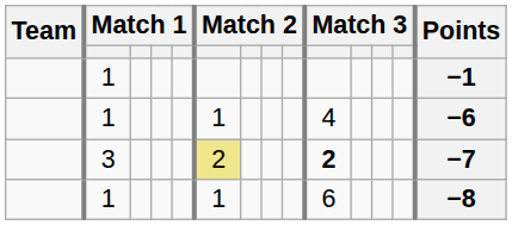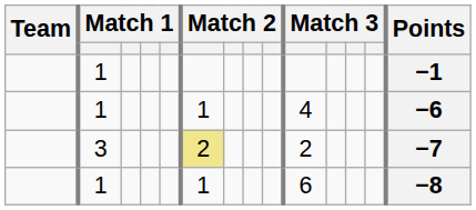 <table class="wikitable sortable" style="text-align:center;">
 <tr>
 <th rowspan=2>Team</th>
 <th colspan=4 style="border-left:3px solid gray">Match 1</th>
 <th colspan=4 style="border-left:3px solid gray">Match 2</th>
 <th colspan=4 style="border-left:3px solid gray">Match 3</th>
 <th rowspan=2 style="border-left:3px solid gray">Points</th>
 </tr>
 <tr>
 <th style="border-left:3px solid gray"></th>
 <th></th>
 <th></th>
 <th></th>
 <th style="border-left:3px solid gray"></th>
 <th></th>
 <th></th>
 <th></th>
 <th style="border-left:3px solid gray"></th>
 <th></th>
 <th></th>
 <th></th>
 </tr>
 <tr>
 <td align=left></td>
 <td style="border-left:3px solid gray">1</td>
 <td></td>
 <td></td>
 <td></td>
 <td style="border-left:3px solid gray"></td>
 <td></td>
 <td></td>
 <td></td>
 <td style="border-left:3px solid gray"></td>
 <td></td>
 <td></td>
 <td></td>
 <th style="border-left:3px solid gray">−1</th>
 </tr>
 <tr>
 <td align=left></td>
 <td style="border-left:3px solid gray">1</td>
 <td></td>
 <td></td>
 <td></td>
 <td style="border-left:3px solid gray">1</td>
 <td></td>
 <td></td>
 <td></td>
 <td style="border-left:3px solid gray">4</td>
 <td></td>
 <td></td>
 <td></td>
 <th style="border-left:3px solid gray">−6</th>
 </tr>
 <tr>
 <td align=left></td>
 <td style="border-left:3px solid gray">3</td>
 <td></td>
 <td></td>
 <td></td>
 <td style="background: khaki; border-left:3px solid gray">2</td>
 <td></td>
 <td></td>
 <td></td>
-<td style="border-left:3px solid gray"><strong>2</strong></td>
+<td style="border-left:3px solid gray">2</td>
 <td></td>
 <td></td>
 <td></td>
 <th style="border-left:3px solid gray">−7</th>
 </tr>
 <tr>
 <td align=left></td>
 <td style="border-left:3px solid gray">1</td>
 <td></td>
 <td></td>
 <td></td>
 <td style="border-left:3px solid gray">1</td>
 <td></td>
 <td></td>
 <td></td>
 <td style="border-left:3px solid gray">6</td>
 <td></td>
 <td></td>
 <td></td>
 <th style="border-left:3px solid gray">−8</th>
 </tr>
 </table>
